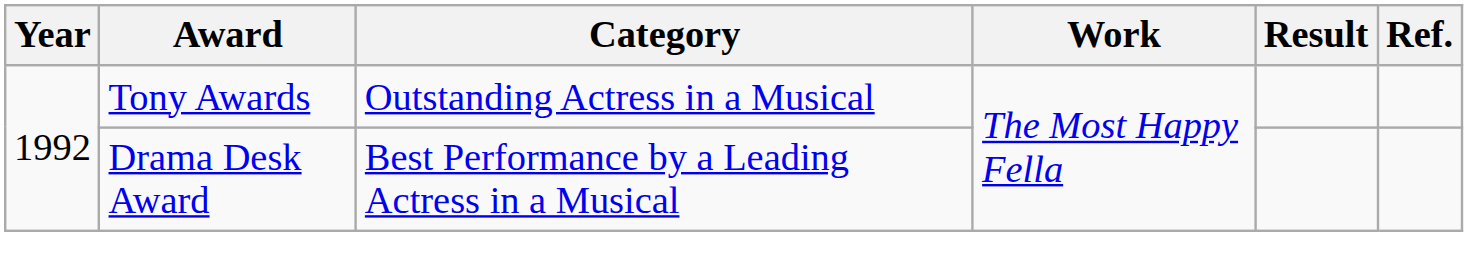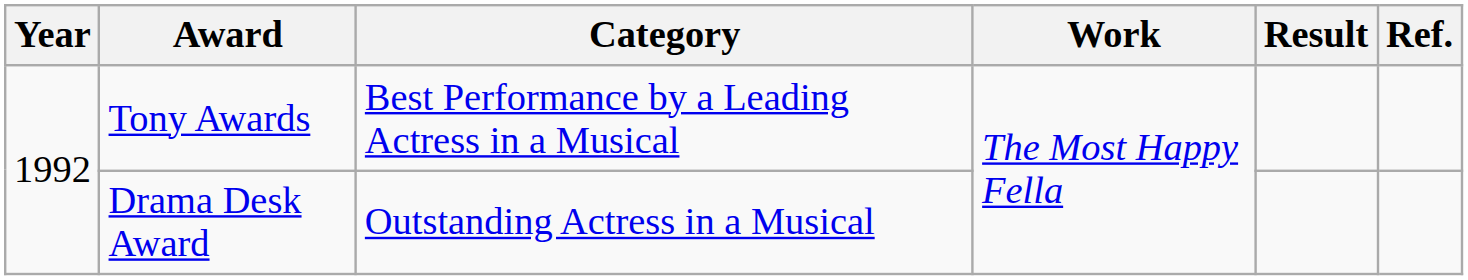 <table class="wikitable">
 <tr>
 <th>Year</th>
 <th>Award</th>
 <th>Category</th>
 <th>Work</th>
 <th>Result</th>
 <th>Ref.</th>
 </tr>
 <tr>
 <td rowspan="2">1992</td>
 <td><a href='#'>Tony Awards</a></td>
-<td><a href='#'>Outstanding Actress in a Musical</a></td>
+<td><a href='#'>Best Performance by a Leading Actress in a Musical</a></td>
 <td rowspan="2"><em><a href='#'>The Most Happy Fella</a></em></td>
 <td></td>
 <td></td>
 </tr>
 <tr>
 <td><a href='#'>Drama Desk Award</a></td>
-<td><a href='#'>Best Performance by a Leading Actress in a Musical</a></td>
+<td><a href='#'>Outstanding Actress in a Musical</a></td>
 <td></td>
 <td></td>
 </tr>
 </table>
